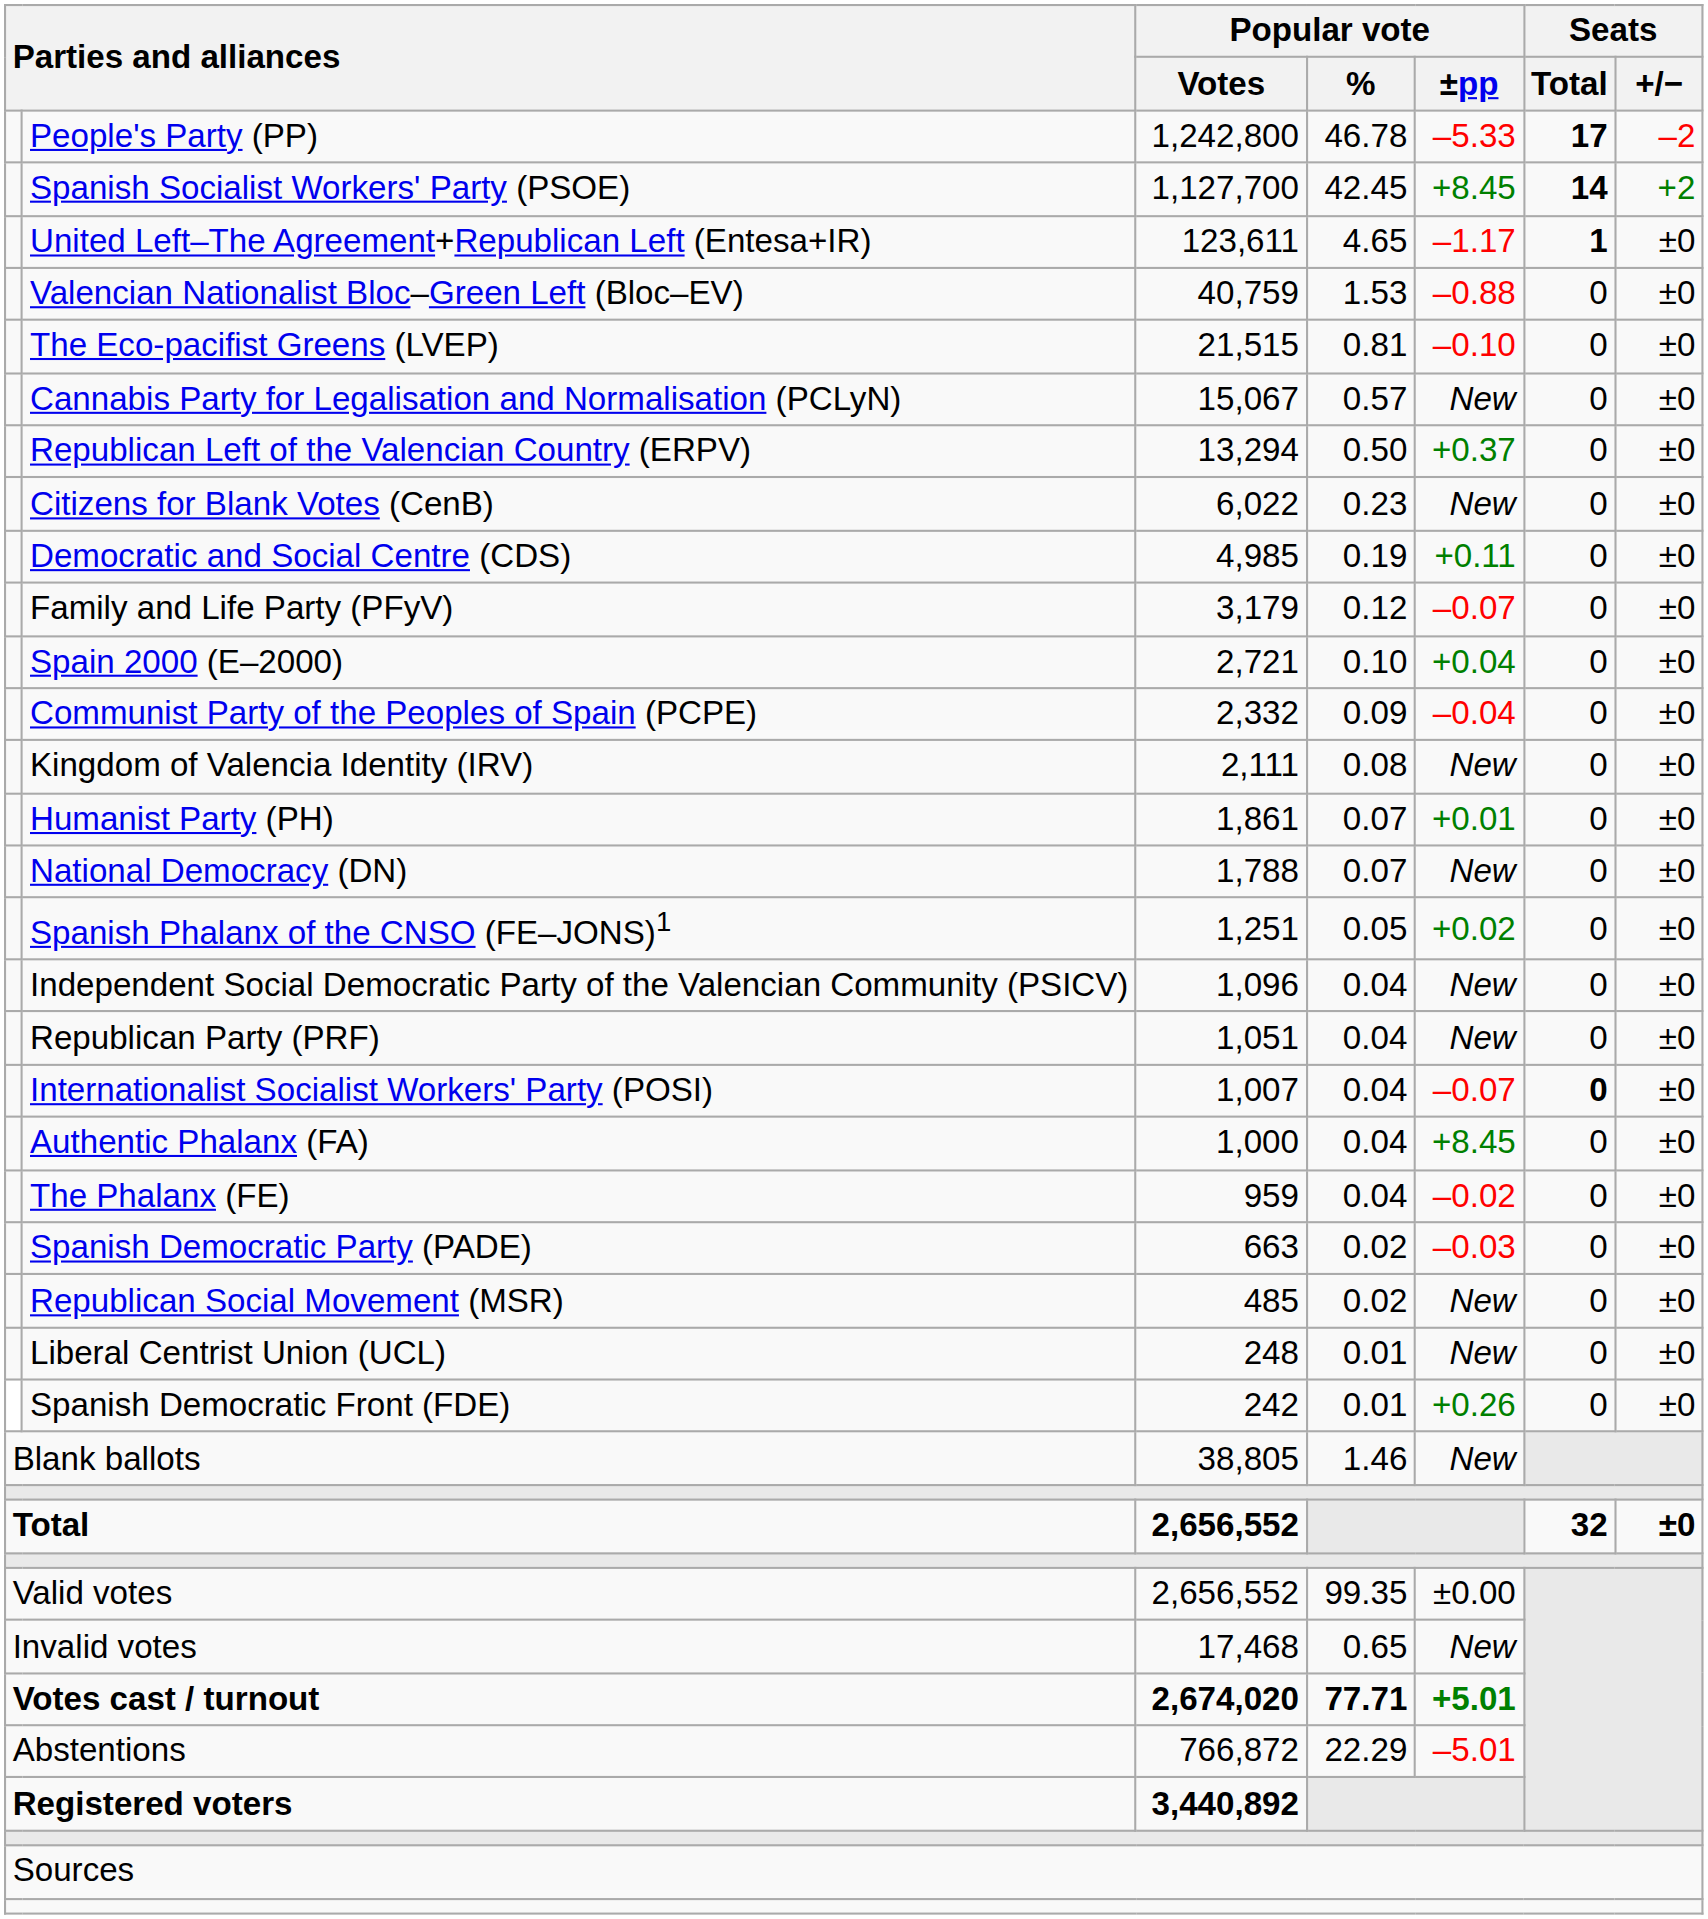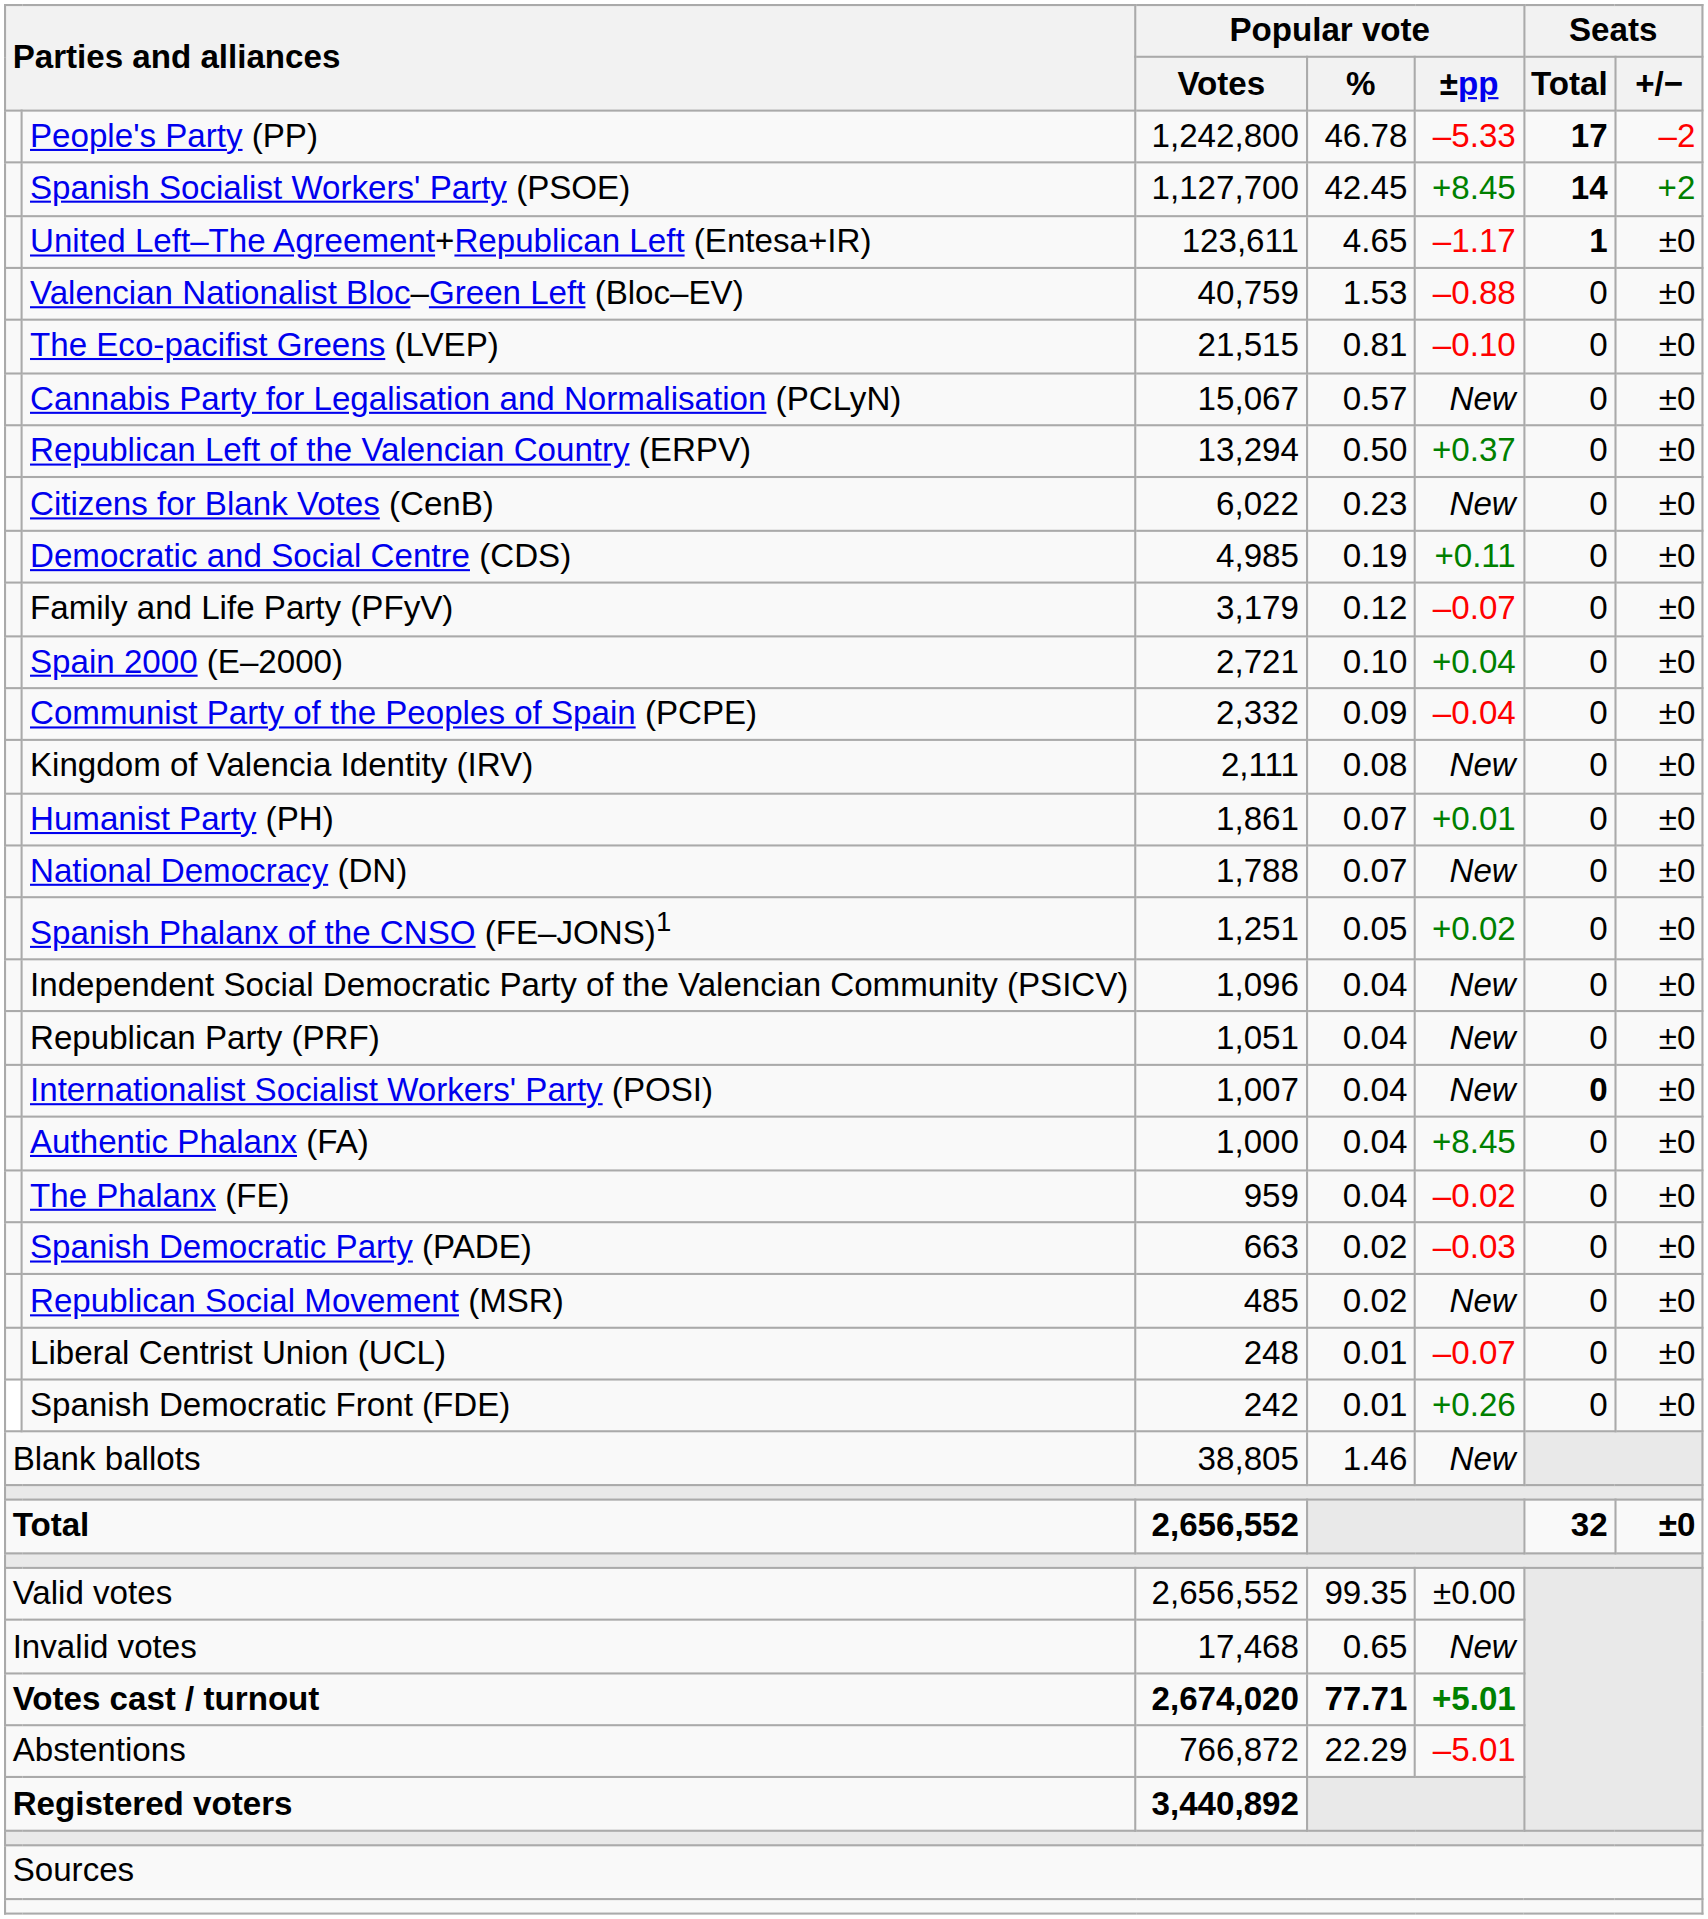 <table class="wikitable" style="text-align:right;">
 <tr>
 <th style="text-align:left;" rowspan="2" colspan="2" width="525">Parties and alliances</th>
 <th colspan="3">Popular vote</th>
 <th colspan="2">Seats</th>
 </tr>
 <tr>
 <th width="75">Votes</th>
 <th width="45">%</th>
 <th width="45">±<a href='#'>pp</a></th>
 <th width="35">Total</th>
 <th width="35">+/−</th>
 </tr>
 <tr>
 <td width="1" style="color:inherit;background:"></td>
 <td align="left"><a href='#'>People's Party</a> (PP)</td>
 <td>1,242,800</td>
 <td>46.78</td>
 <td style="color:red;">–5.33</td>
 <td><strong>17</strong></td>
 <td style="color:red;">–2</td>
 </tr>
 <tr>
 <td style="color:inherit;background:"></td>
 <td align="left"><a href='#'>Spanish Socialist Workers' Party</a> (PSOE)</td>
 <td>1,127,700</td>
 <td>42.45</td>
 <td style="color:green;">+8.45</td>
 <td><strong>14</strong></td>
 <td style="color:green;">+2</td>
 </tr>
 <tr>
 <td style="color:inherit;background:"></td>
 <td align="left"><a href='#'>United Left–The Agreement</a>+<a href='#'>Republican Left</a> (Entesa+IR)</td>
 <td>123,611</td>
 <td>4.65</td>
 <td style="color:red;">–1.17</td>
 <td><strong>1</strong></td>
 <td>±0</td>
 </tr>
 <tr>
 <td style="color:inherit;background:"></td>
 <td align="left"><a href='#'>Valencian Nationalist Bloc</a>–<a href='#'>Green Left</a> (Bloc–EV)</td>
 <td>40,759</td>
 <td>1.53</td>
 <td style="color:red;">–0.88</td>
 <td>0</td>
 <td>±0</td>
 </tr>
 <tr>
 <td style="color:inherit;background:"></td>
 <td align="left"><a href='#'>The Eco-pacifist Greens</a> (LVEP)</td>
 <td>21,515</td>
 <td>0.81</td>
 <td style="color:red;">–0.10</td>
 <td>0</td>
 <td>±0</td>
 </tr>
 <tr>
 <td style="color:inherit;background:"></td>
 <td align="left"><a href='#'>Cannabis Party for Legalisation and Normalisation</a> (PCLyN)</td>
 <td>15,067</td>
 <td>0.57</td>
 <td><em>New</em></td>
 <td>0</td>
 <td>±0</td>
 </tr>
 <tr>
 <td style="color:inherit;background:"></td>
 <td align="left"><a href='#'>Republican Left of the Valencian Country</a> (ERPV)</td>
 <td>13,294</td>
 <td>0.50</td>
 <td style="color:green;">+0.37</td>
 <td>0</td>
 <td>±0</td>
 </tr>
 <tr>
 <td style="color:inherit;background:"></td>
 <td align="left"><a href='#'>Citizens for Blank Votes</a> (CenB)</td>
 <td>6,022</td>
 <td>0.23</td>
 <td><em>New</em></td>
 <td>0</td>
 <td>±0</td>
 </tr>
 <tr>
 <td style="color:inherit;background:"></td>
 <td align="left"><a href='#'>Democratic and Social Centre</a> (CDS)</td>
 <td>4,985</td>
 <td>0.19</td>
 <td style="color:green;">+0.11</td>
 <td>0</td>
 <td>±0</td>
 </tr>
 <tr>
 <td style="color:inherit;background:"></td>
 <td align="left">Family and Life Party (PFyV)</td>
 <td>3,179</td>
 <td>0.12</td>
 <td style="color:red;">–0.07</td>
 <td>0</td>
 <td>±0</td>
 </tr>
 <tr>
 <td style="color:inherit;background:"></td>
 <td align="left"><a href='#'>Spain 2000</a> (E–2000)</td>
 <td>2,721</td>
 <td>0.10</td>
 <td style="color:green;">+0.04</td>
 <td>0</td>
 <td>±0</td>
 </tr>
 <tr>
 <td style="color:inherit;background:"></td>
 <td align="left"><a href='#'>Communist Party of the Peoples of Spain</a> (PCPE)</td>
 <td>2,332</td>
 <td>0.09</td>
 <td style="color:red;">–0.04</td>
 <td>0</td>
 <td>±0</td>
 </tr>
 <tr>
 <td style="color:inherit;background:"></td>
 <td align="left">Kingdom of Valencia Identity (IRV)</td>
 <td>2,111</td>
 <td>0.08</td>
 <td><em>New</em></td>
 <td>0</td>
 <td>±0</td>
 </tr>
 <tr>
 <td style="color:inherit;background:"></td>
 <td align="left"><a href='#'>Humanist Party</a> (PH)</td>
 <td>1,861</td>
 <td>0.07</td>
 <td style="color:green;">+0.01</td>
 <td>0</td>
 <td>±0</td>
 </tr>
 <tr>
 <td style="color:inherit;background:"></td>
 <td align="left"><a href='#'>National Democracy</a> (DN)</td>
 <td>1,788</td>
 <td>0.07</td>
 <td><em>New</em></td>
 <td>0</td>
 <td>±0</td>
 </tr>
 <tr>
 <td style="color:inherit;background:"></td>
 <td align="left"><a href='#'>Spanish Phalanx of the CNSO</a> (FE–JONS)<sup>1</sup></td>
 <td>1,251</td>
 <td>0.05</td>
 <td style="color:green;">+0.02</td>
 <td>0</td>
 <td>±0</td>
 </tr>
 <tr>
 <td style="color:inherit;background:"></td>
 <td align="left">Independent Social Democratic Party of the Valencian Community (PSICV)</td>
 <td>1,096</td>
 <td>0.04</td>
 <td><em>New</em></td>
 <td>0</td>
 <td>±0</td>
 </tr>
 <tr>
 <td style="color:inherit;background:"></td>
 <td align="left">Republican Party (PRF)</td>
 <td>1,051</td>
 <td>0.04</td>
 <td><em>New</em></td>
 <td>0</td>
 <td>±0</td>
 </tr>
 <tr>
 <td style="color:inherit;background:"></td>
 <td align="left"><a href='#'>Internationalist Socialist Workers' Party</a> (POSI)</td>
 <td>1,007</td>
 <td>0.04</td>
-<td style="color:red;">–0.07</td>
+<td><em>New</em></td>
 <td><strong>0</strong></td>
 <td>±0</td>
 </tr>
 <tr>
 <td style="color:inherit;background:"></td>
 <td align="left"><a href='#'>Authentic Phalanx</a> (FA)</td>
 <td>1,000</td>
 <td>0.04</td>
 <td style="color:green;">+8.45</td>
 <td>0</td>
 <td>±0</td>
 </tr>
 <tr>
 <td style="color:inherit;background:"></td>
 <td align="left"><a href='#'>The Phalanx</a> (FE)</td>
 <td>959</td>
 <td>0.04</td>
 <td style="color:red;">–0.02</td>
 <td>0</td>
 <td>±0</td>
 </tr>
 <tr>
 <td style="color:inherit;background:"></td>
 <td align="left"><a href='#'>Spanish Democratic Party</a> (PADE)</td>
 <td>663</td>
 <td>0.02</td>
 <td style="color:red;">–0.03</td>
 <td>0</td>
 <td>±0</td>
 </tr>
 <tr>
 <td style="color:inherit;background:"></td>
 <td align="left"><a href='#'>Republican Social Movement</a> (MSR)</td>
 <td>485</td>
 <td>0.02</td>
 <td><em>New</em></td>
 <td>0</td>
 <td>±0</td>
 </tr>
 <tr>
 <td style="color:inherit;background:"></td>
 <td align="left">Liberal Centrist Union (UCL)</td>
 <td>248</td>
 <td>0.01</td>
-<td><em>New</em></td>
+<td style="color:red;">–0.07</td>
 <td>0</td>
 <td>±0</td>
 </tr>
 <tr>
 <td bgcolor="white"></td>
 <td align="left">Spanish Democratic Front (FDE)</td>
 <td>242</td>
 <td>0.01</td>
 <td style="color:green;">+0.26</td>
 <td>0</td>
 <td>±0</td>
 </tr>
 <tr>
 <td align="left" colspan="2">Blank ballots</td>
 <td>38,805</td>
 <td>1.46</td>
 <td><em>New</em></td>
 <td bgcolor="#E9E9E9" colspan="2"></td>
 </tr>
 <tr>
 <td colspan="7" bgcolor="#E9E9E9"></td>
 </tr>
 <tr style="font-weight:bold;">
 <td align="left" colspan="2">Total</td>
 <td>2,656,552</td>
 <td bgcolor="#E9E9E9" colspan="2"></td>
 <td>32</td>
 <td>±0</td>
 </tr>
 <tr>
 <td colspan="7" bgcolor="#E9E9E9"></td>
 </tr>
 <tr>
 <td align="left" colspan="2">Valid votes</td>
 <td>2,656,552</td>
 <td>99.35</td>
 <td>±0.00</td>
 <td bgcolor="#E9E9E9" colspan="2" rowspan="5"></td>
 </tr>
 <tr>
 <td align="left" colspan="2">Invalid votes</td>
 <td>17,468</td>
 <td>0.65</td>
 <td><em>New</em></td>
 </tr>
 <tr style="font-weight:bold;">
 <td align="left" colspan="2">Votes cast / turnout</td>
 <td>2,674,020</td>
 <td>77.71</td>
 <td style="color:green;">+5.01</td>
 </tr>
 <tr>
 <td align="left" colspan="2">Abstentions</td>
 <td>766,872</td>
 <td>22.29</td>
 <td style="color:red;">–5.01</td>
 </tr>
 <tr style="font-weight:bold;">
 <td align="left" colspan="2">Registered voters</td>
 <td>3,440,892</td>
 <td bgcolor="#E9E9E9" colspan="2"></td>
 </tr>
 <tr>
 <td colspan="7" bgcolor="#E9E9E9"></td>
 </tr>
 <tr>
 <td align="left" colspan="7">Sources</td>
 </tr>
 <tr>
 <td colspan="7" style="text-align:left; max-width:790px;"></td>
 </tr>
 </table>
